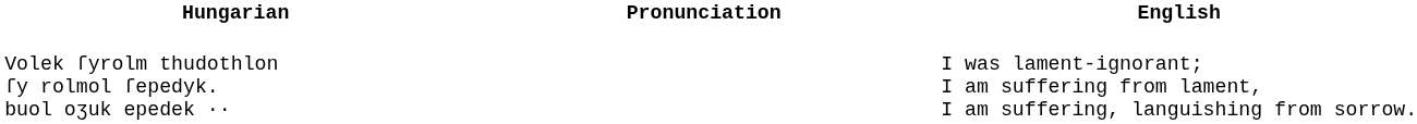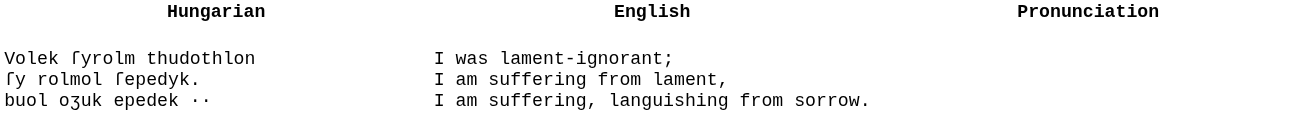 <table border=0>
 <tr align=center>
 <th>Hungarian</th>
+<th>English</th>
 <th>Pronunciation</th>
-<th>English</th>
 </tr>
 <tr --- valign="top">
 <td width="33%"><br>Volek ſyrolm thudothlon<br> ſy rolmol ſepedyk.<br> buol oʒuk epedek ··</td>
+<td><br>I was lament-ignorant;<br> I am suffering from lament,<br> I am suffering, languishing from sorrow.</td>
 <td width="33%"><br><br> <br> </td>
-<td><br>I was lament-ignorant;<br> I am suffering from lament,<br> I am suffering, languishing from sorrow.</td>
 </tr>
 </table>
